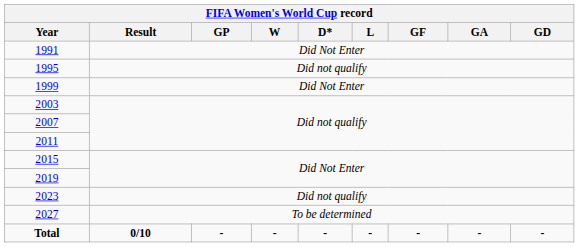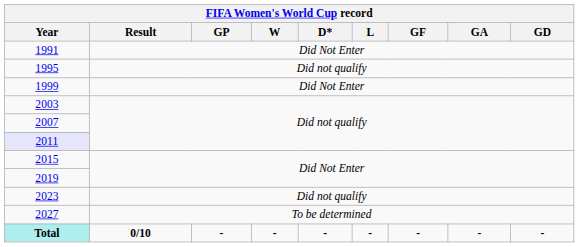 <table class="wikitable" style="text-align: center; width:50%;">
 <tr>
 <th colspan=10><a href='#'>FIFA Women's World Cup</a> record</th>
 </tr>
 <tr>
 <th>Year</th>
 <th>Result</th>
 <th>GP</th>
 <th>W</th>
 <th>D*</th>
 <th>L</th>
 <th>GF</th>
 <th>GA</th>
 <th>GD</th>
 </tr>
 <tr>
 <td> <a href='#'>1991</a></td>
 <td rowspan=1 colspan=8><em>Did Not Enter</em></td>
 </tr>
 <tr>
 <td> <a href='#'>1995</a></td>
 <td rowspan=1 colspan=8><em>Did not qualify</em></td>
 </tr>
 <tr>
 <td> <a href='#'>1999</a></td>
 <td rowspan=1 colspan=8><em>Did Not Enter</em></td>
 </tr>
 <tr>
 <td> <a href='#'>2003</a></td>
 <td rowspan=3 colspan=8><em>Did not qualify</em></td>
 </tr>
 <tr>
 <td> <a href='#'>2007</a></td>
 </tr>
 <tr>
-<td> <a href='#'>2011</a></td>
+<td style="background: lavender;"> <a href='#'>2011</a></td>
 </tr>
 <tr>
 <td> <a href='#'>2015</a></td>
 <td rowspan=2 colspan=8><em>Did Not Enter</em></td>
 </tr>
 <tr>
 <td> <a href='#'>2019</a></td>
 </tr>
 <tr>
 <td> <a href='#'>2023</a></td>
 <td colspan=8><em>Did not qualify</em></td>
 </tr>
 <tr>
 <td> <a href='#'>2027</a></td>
 <td colspan=8><em>To be determined</em></td>
 </tr>
 <tr>
-<td><strong>Total</strong></td>
+<td style="background: paleturquoise;"><strong>Total</strong></td>
 <td><strong>0/10</strong></td>
 <td><strong>-</strong></td>
 <td><strong>-</strong></td>
 <td><strong>-</strong></td>
 <td><strong>-</strong></td>
 <td><strong>-</strong></td>
 <td><strong>-</strong></td>
 <td><strong>-</strong></td>
 </tr>
 </table>
